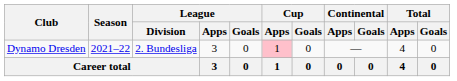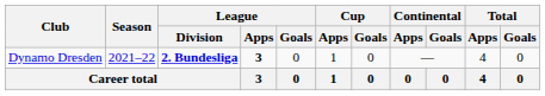 <table class="wikitable" Style="text-align: center">
 <tr>
 <th rowspan="2">Club</th>
 <th rowspan="2">Season</th>
 <th colspan="3">League</th>
 <th colspan="2">Cup</th>
 <th colspan="2">Continental</th>
 <th colspan="2">Total</th>
 </tr>
 <tr>
 <th>Division</th>
 <th>Apps</th>
 <th>Goals</th>
 <th>Apps</th>
 <th>Goals</th>
 <th>Apps</th>
 <th>Goals</th>
 <th>Apps</th>
 <th>Goals</th>
 </tr>
 <tr>
 <td rowspan="1"><a href='#'>Dynamo Dresden</a></td>
 <td><a href='#'>2021–22</a></td>
-<td rowspan="1"><a href='#'>2. Bundesliga</a></td>
-<td>3</td>
+<td rowspan="1"><strong><a href='#'>2. Bundesliga</a></strong></td>
+<td><strong>3</strong></td>
 <td>0</td>
-<td style="background: pink;">1</td>
+<td>1</td>
 <td>0</td>
 <td colspan="2">—</td>
 <td>4</td>
 <td>0</td>
 </tr>
 <tr>
 <th colspan="3">Career total</th>
 <th>3</th>
 <th>0</th>
 <th>1</th>
 <th>0</th>
 <th>0</th>
 <th>0</th>
 <th>4</th>
 <th>0</th>
 </tr>
 </table>
